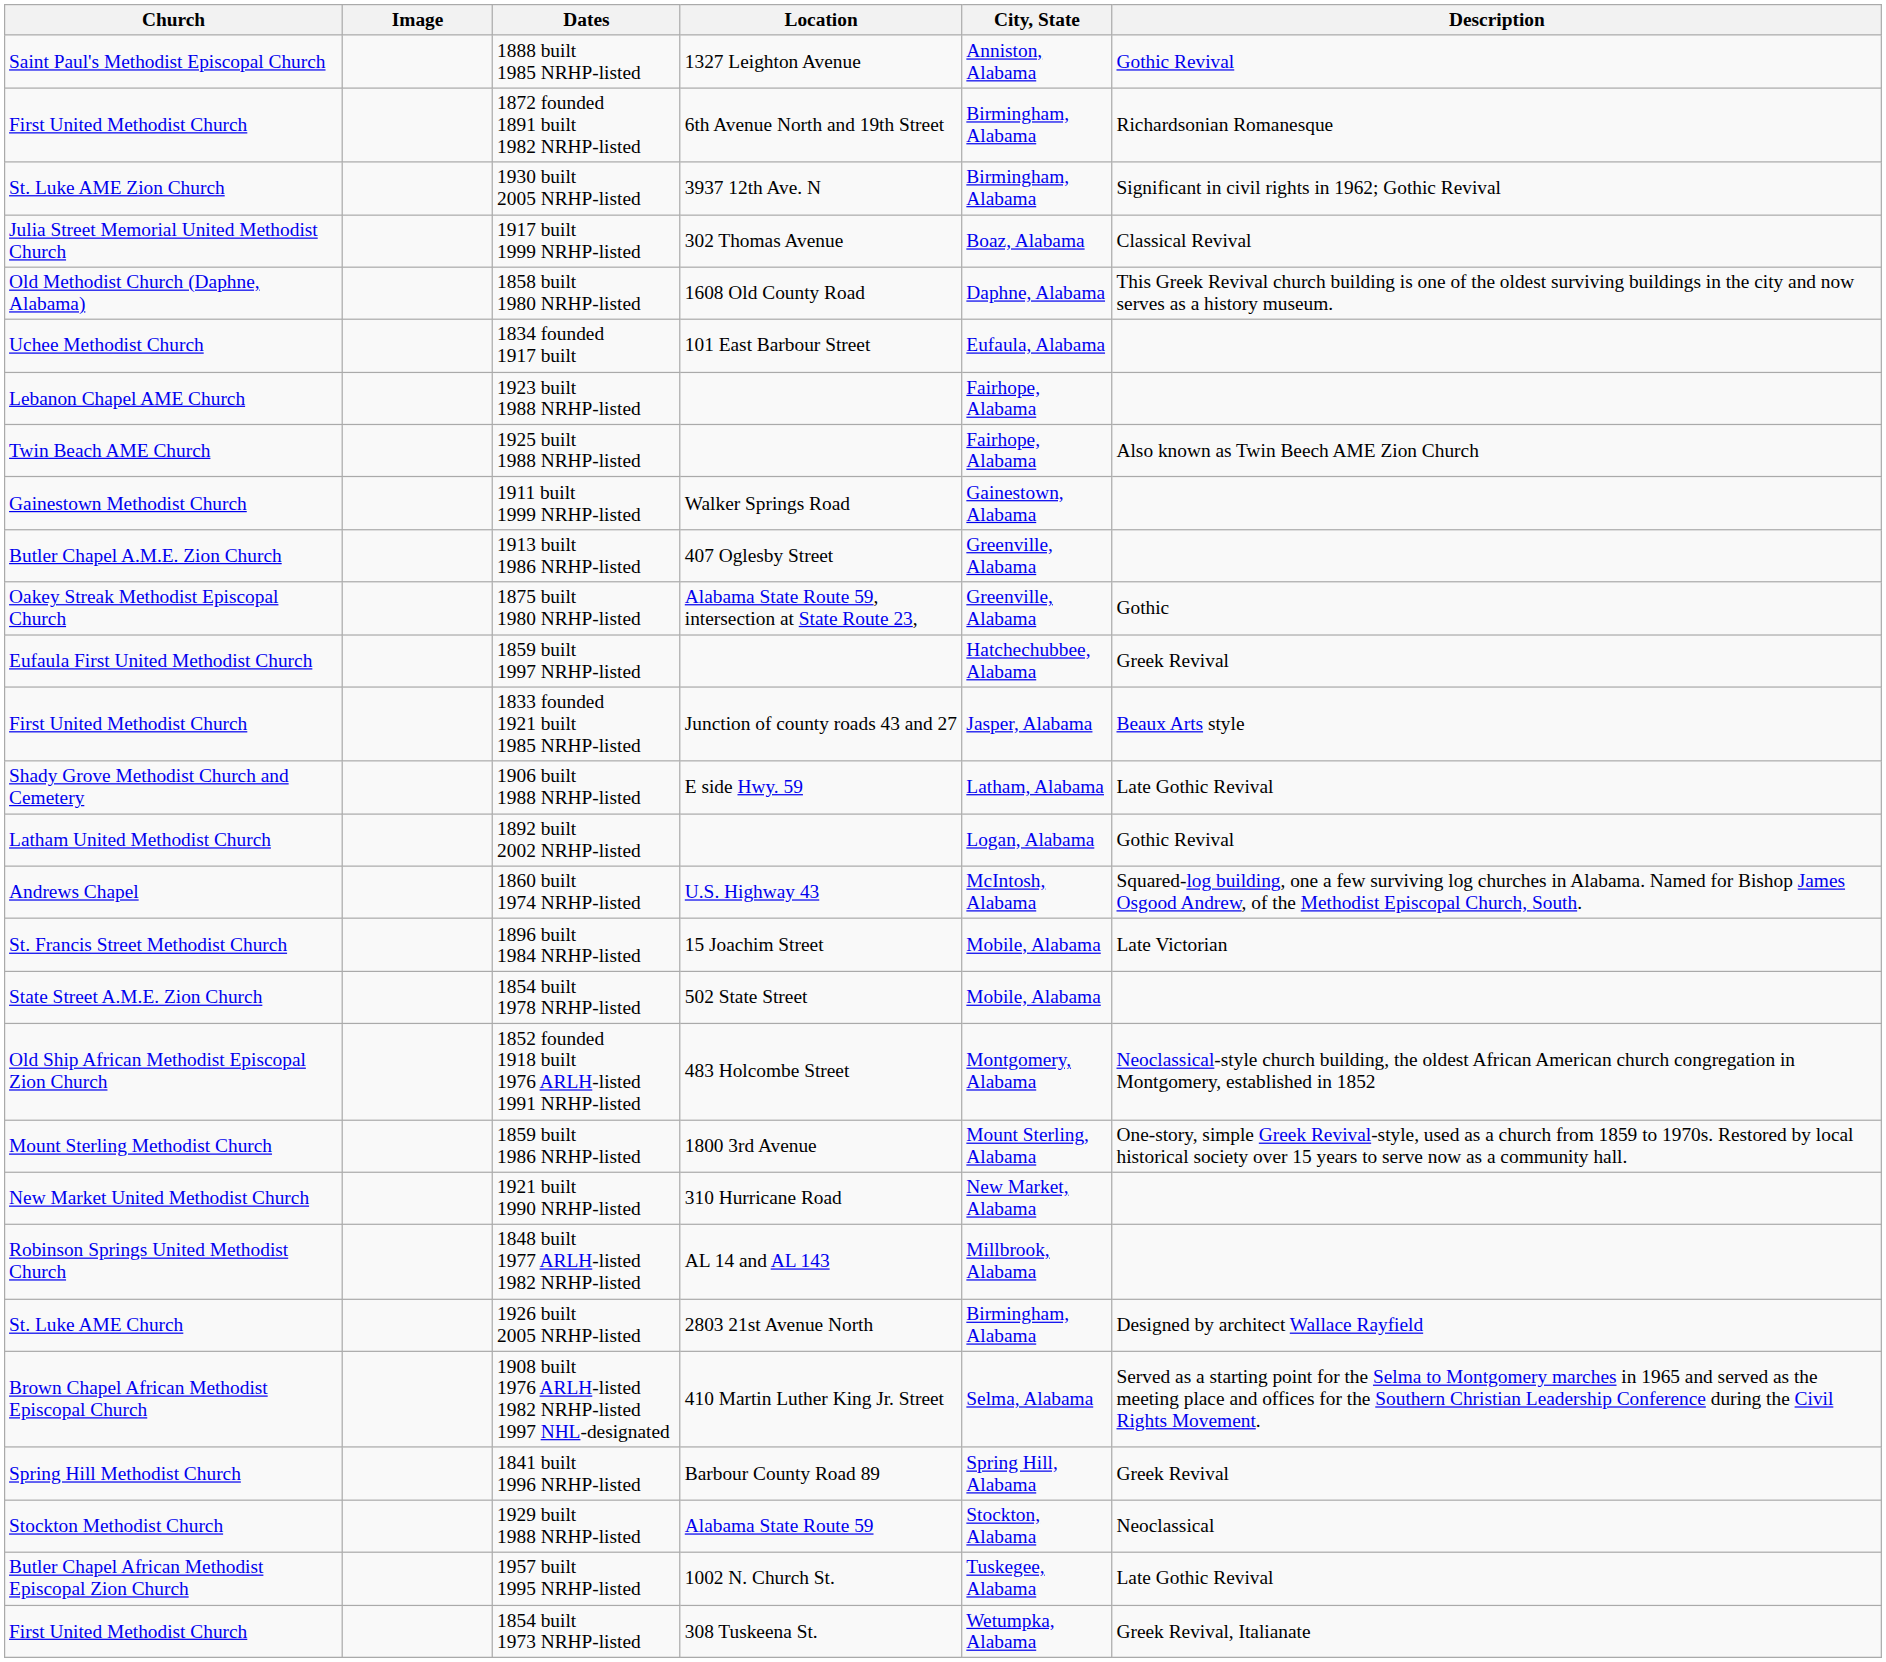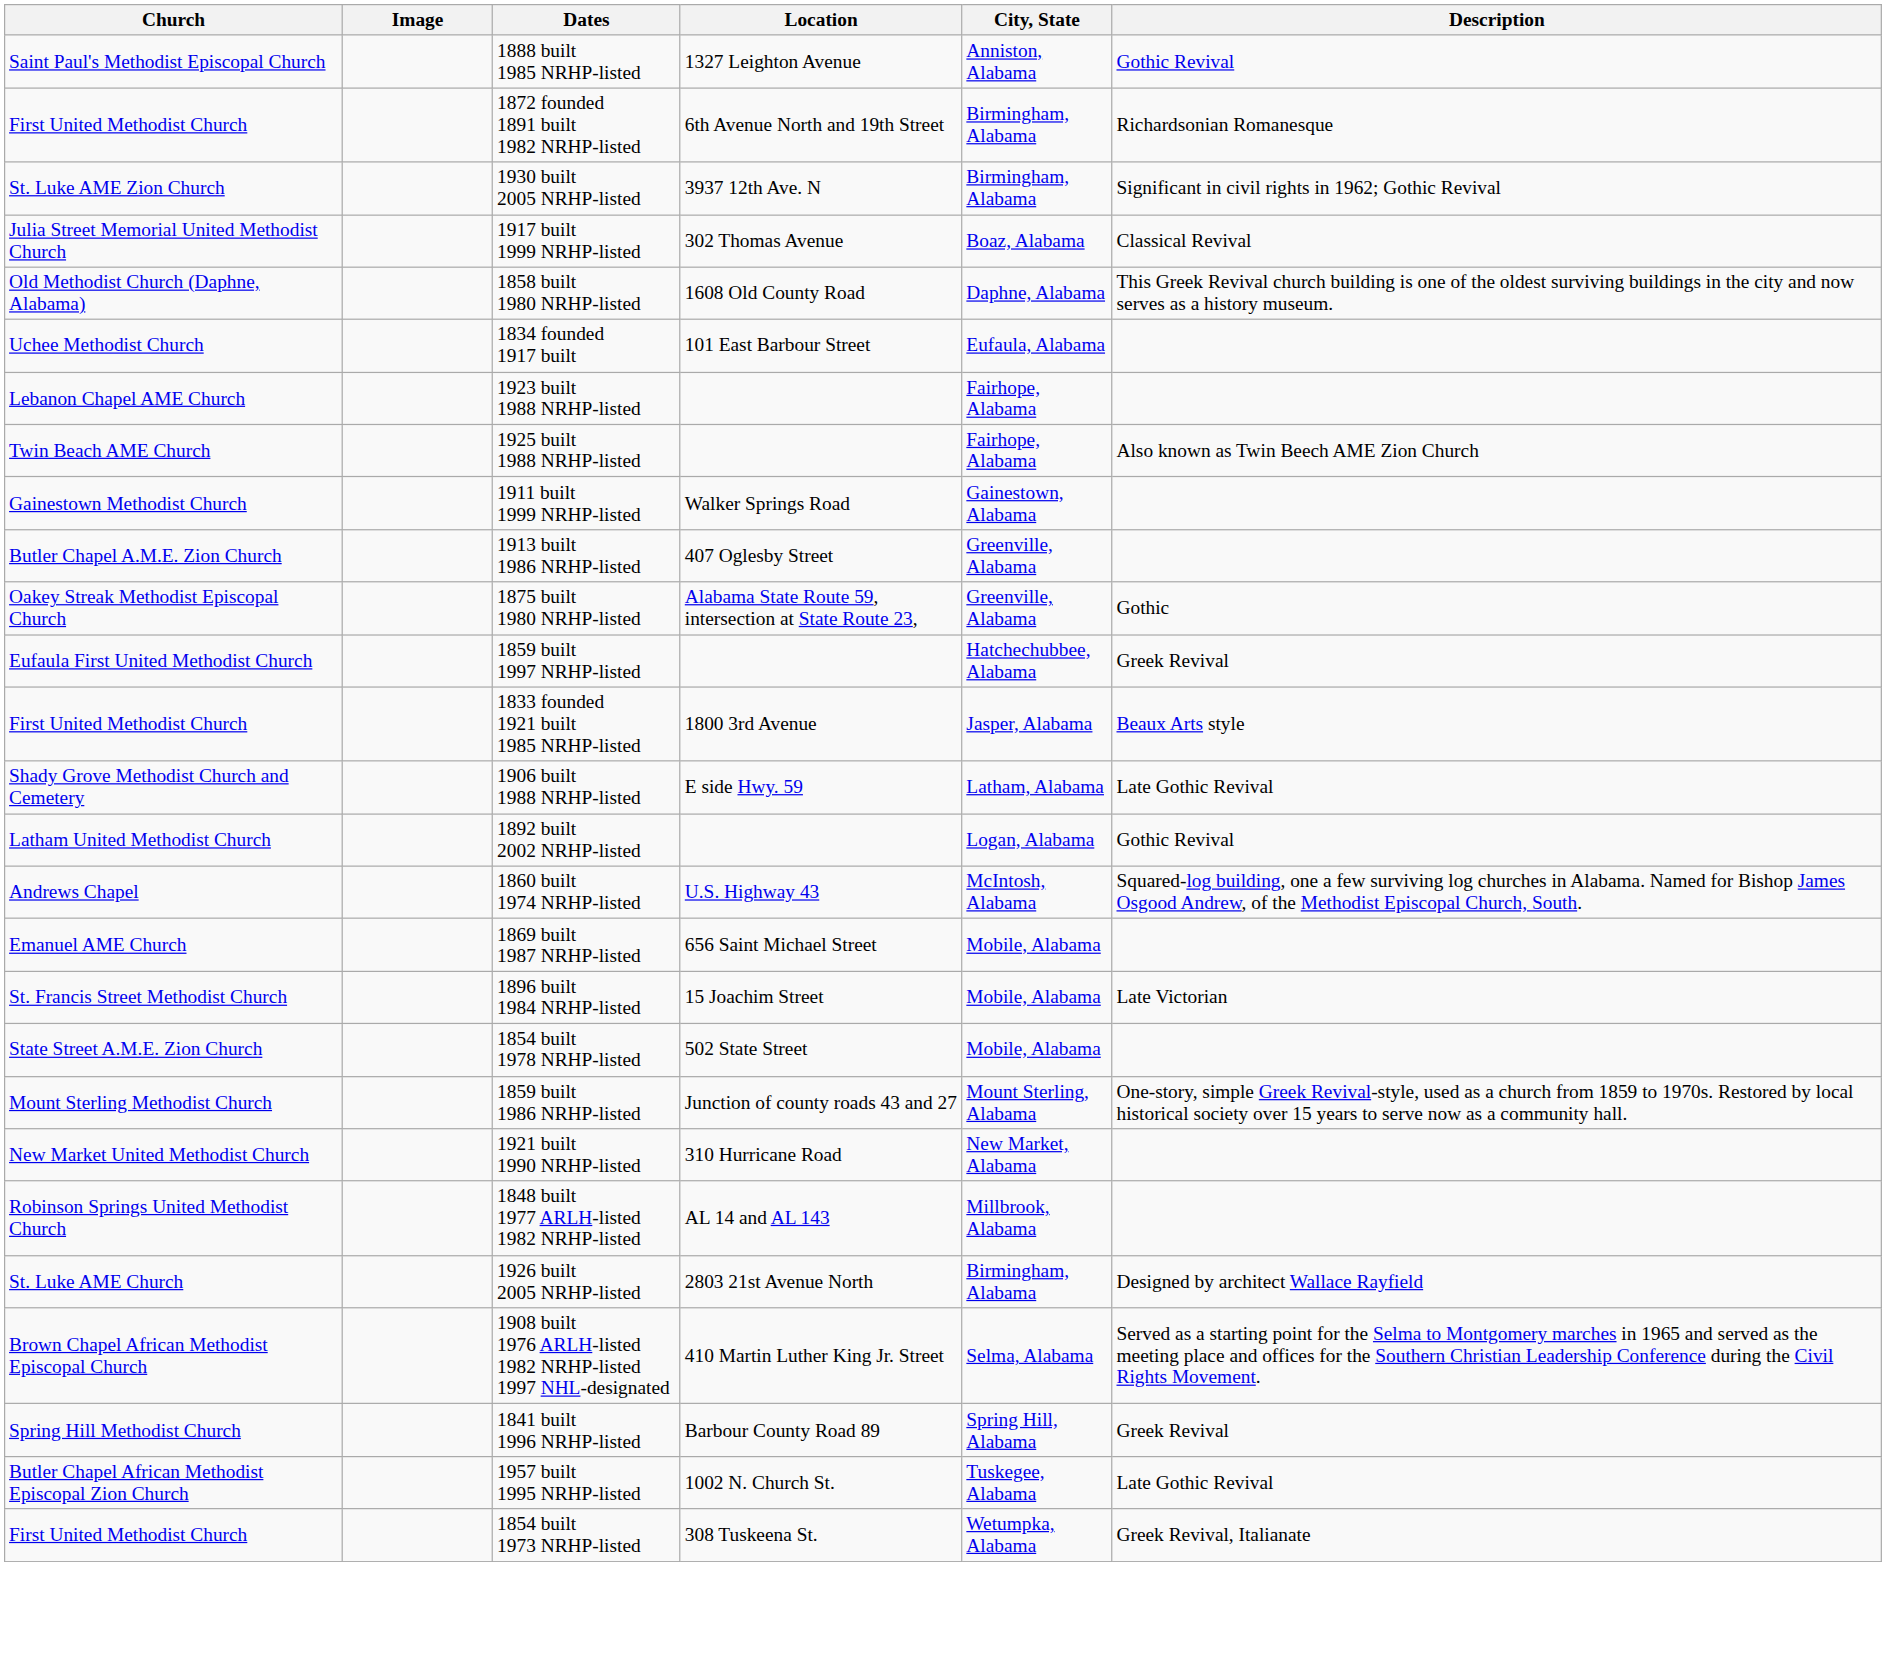 <table class="wikitable sortable" style="width:98%">
 <tr>
 <th style="width:18%;"><strong>Church</strong></th>
 <th style="width:8%;" class="unsortable"><strong>Image</strong></th>
 <th style="width:10%;"><strong>Dates</strong></th>
 <th style="width:15%;"><strong>Location</strong></th>
 <th style="width:8%;"><strong>City, State</strong></th>
 <th class="unsortable"><strong>Description</strong></th>
 </tr>
 <tr>
 <td><a href='#'>Saint Paul's Methodist Episcopal Church</a></td>
 <td></td>
 <td>1888 built<br>1985 NRHP-listed</td>
 <td>1327 Leighton Avenue<br><small></small></td>
 <td><a href='#'>Anniston, Alabama</a></td>
 <td><a href='#'>Gothic Revival</a></td>
 </tr>
 <tr>
 <td><a href='#'>First United Methodist Church</a></td>
 <td></td>
 <td>1872 founded<br>1891 built<br>1982 NRHP-listed</td>
 <td>6th Avenue North and 19th Street<br><small></small></td>
 <td><a href='#'>Birmingham, Alabama</a></td>
 <td>Richardsonian Romanesque</td>
 </tr>
 <tr>
 <td><a href='#'>St. Luke AME Zion Church</a></td>
 <td></td>
 <td>1930 built<br>2005 NRHP-listed</td>
 <td>3937 12th Ave. N<br><small></small></td>
 <td><a href='#'>Birmingham, Alabama</a></td>
 <td>Significant in civil rights in 1962; Gothic Revival</td>
 </tr>
 <tr ->
 <td><a href='#'>Julia Street Memorial United Methodist Church</a></td>
 <td></td>
 <td>1917 built<br>1999 NRHP-listed</td>
 <td>302 Thomas Avenue<br><small></small></td>
 <td><a href='#'>Boaz, Alabama</a></td>
 <td>Classical Revival</td>
 </tr>
 <tr>
 <td><a href='#'>Old Methodist Church (Daphne, Alabama)</a></td>
 <td></td>
 <td>1858 built<br>1980 NRHP-listed</td>
 <td>1608 Old County Road<br><small></small></td>
 <td><a href='#'>Daphne, Alabama</a></td>
 <td>This Greek Revival church building is one of the oldest surviving buildings in the city and now serves as a history museum.</td>
 </tr>
 <tr>
 <td><a href='#'>Uchee Methodist Church</a></td>
 <td></td>
 <td>1834 founded<br>1917 built</td>
 <td>101 East Barbour Street<br><small></small></td>
 <td><a href='#'>Eufaula, Alabama</a></td>
 <td></td>
 </tr>
 <tr>
 <td><a href='#'>Lebanon Chapel AME Church</a></td>
 <td></td>
 <td>1923 built<br>1988 NRHP-listed</td>
 <td></td>
 <td><a href='#'>Fairhope, Alabama</a></td>
 <td></td>
 </tr>
 <tr ->
 <td><a href='#'>Twin Beach AME Church</a></td>
 <td></td>
 <td>1925 built<br>1988 NRHP-listed</td>
 <td></td>
 <td><a href='#'>Fairhope, Alabama</a></td>
 <td>Also known as Twin Beech AME Zion Church</td>
 </tr>
 <tr ->
 <td><a href='#'>Gainestown Methodist Church</a></td>
 <td></td>
 <td>1911 built<br>1999 NRHP-listed</td>
 <td>Walker Springs Road<br><small></small></td>
 <td><a href='#'>Gainestown, Alabama</a></td>
 <td></td>
 </tr>
 <tr>
 <td><a href='#'>Butler Chapel A.M.E. Zion Church</a></td>
 <td></td>
 <td>1913 built<br>1986 NRHP-listed</td>
 <td>407 Oglesby Street<br><small></small></td>
 <td><a href='#'>Greenville, Alabama</a></td>
 <td></td>
 </tr>
 <tr>
 <td><a href='#'>Oakey Streak Methodist Episcopal Church</a></td>
 <td></td>
 <td>1875 built<br>1980 NRHP-listed</td>
 <td><a href='#'>Alabama State Route 59</a>, intersection at <a href='#'>State Route 23</a>,<br><small></small></td>
 <td><a href='#'>Greenville, Alabama</a></td>
 <td>Gothic</td>
 </tr>
 <tr>
 <td><a href='#'>Eufaula First United Methodist Church</a></td>
 <td></td>
 <td>1859 built<br>1997 NRHP-listed</td>
 <td><small></small></td>
 <td><a href='#'>Hatchechubbee, Alabama</a></td>
 <td>Greek Revival</td>
 </tr>
 <tr>
 <td><a href='#'>First United Methodist Church</a></td>
 <td></td>
 <td>1833 founded<br>1921 built<br>1985 NRHP-listed</td>
-<td>Junction of county roads 43 and 27<br><small></small></td>
+<td>1800 3rd Avenue<br><small></small></td>
 <td><a href='#'>Jasper, Alabama</a></td>
 <td><a href='#'>Beaux Arts</a> style</td>
 </tr>
 <tr>
 <td><a href='#'>Shady Grove Methodist Church and Cemetery</a></td>
 <td></td>
 <td>1906 built<br>1988 NRHP-listed</td>
 <td>E side <a href='#'>Hwy. 59</a><br><small></small></td>
 <td><a href='#'>Latham, Alabama</a></td>
 <td>Late Gothic Revival</td>
 </tr>
 <tr>
 <td><a href='#'>Latham United Methodist Church</a></td>
 <td></td>
 <td>1892 built<br>2002 NRHP-listed</td>
 <td><small></small></td>
 <td><a href='#'>Logan, Alabama</a></td>
 <td>Gothic Revival</td>
 </tr>
 <tr>
 <td><a href='#'>Andrews Chapel</a></td>
 <td></td>
 <td>1860 built<br>1974 NRHP-listed</td>
 <td><a href='#'>U.S. Highway 43</a><br><small></small></td>
 <td><a href='#'>McIntosh, Alabama</a></td>
 <td>Squared-<a href='#'>log building</a>, one a few surviving log churches in Alabama.  Named for Bishop <a href='#'>James Osgood Andrew</a>, of the <a href='#'>Methodist Episcopal Church, South</a>.</td>
 </tr>
+<tr>
+<td><a href='#'>Emanuel AME Church</a></td>
+<td></td>
+<td>1869 built<br>1987 NRHP-listed</td>
+<td>656 Saint Michael Street</td>
+<td><a href='#'>Mobile, Alabama</a></td>
+<td></td>
+</tr>
 <tr ->
 <td><a href='#'>St. Francis Street Methodist Church</a></td>
 <td></td>
 <td>1896 built<br>1984 NRHP-listed</td>
 <td>15 Joachim Street<br><small></small></td>
 <td><a href='#'>Mobile, Alabama</a></td>
 <td>Late Victorian</td>
 </tr>
 <tr>
 <td><a href='#'>State Street A.M.E. Zion Church</a></td>
 <td></td>
 <td>1854 built<br>1978 NRHP-listed</td>
 <td>502 State Street</td>
 <td><a href='#'>Mobile, Alabama</a></td>
 <td></td>
 </tr>
-<tr ->
-<td><a href='#'>Old Ship African Methodist Episcopal Zion Church</a></td>
-<td></td>
-<td>1852 founded<br>1918 built<br>1976 <a href='#'>ARLH</a>-listed 1991 NRHP-listed</td>
-<td>483 Holcombe Street<br><small></small></td>
-<td><a href='#'>Montgomery, Alabama</a></td>
-<td><a href='#'>Neoclassical</a>-style church building, the oldest African American church congregation in Montgomery, established in 1852</td>
-</tr>
 <tr>
 <td><a href='#'>Mount Sterling Methodist Church</a></td>
 <td></td>
 <td>1859 built<br>1986 NRHP-listed</td>
-<td>1800 3rd Avenue<br><small></small></td>
+<td>Junction of county roads 43 and 27<br><small></small></td>
 <td><a href='#'>Mount Sterling, Alabama</a></td>
 <td>One-story, simple <a href='#'>Greek Revival</a>-style, used as a church from 1859 to 1970s.  Restored by local historical society over 15 years to serve now as a community hall.</td>
 </tr>
 <tr>
 <td><a href='#'>New Market United Methodist Church</a></td>
 <td></td>
 <td>1921 built<br>1990 NRHP-listed</td>
 <td>310 Hurricane Road</td>
 <td><a href='#'>New Market, Alabama</a></td>
 <td></td>
 </tr>
 <tr>
 <td><a href='#'>Robinson Springs United Methodist Church</a></td>
 <td></td>
 <td>1848 built<br>1977 <a href='#'>ARLH</a>-listed<br>1982 NRHP-listed</td>
 <td>AL 14 and <a href='#'>AL 143</a></td>
 <td><a href='#'>Millbrook, Alabama</a></td>
 <td></td>
 </tr>
 <tr>
 <td><a href='#'>St. Luke AME Church</a></td>
 <td></td>
 <td>1926 built<br>2005 NRHP-listed</td>
 <td>2803 21st Avenue North</td>
 <td><a href='#'>Birmingham, Alabama</a></td>
 <td>Designed by architect <a href='#'>Wallace Rayfield</a></td>
 </tr>
 <tr ->
 <td><a href='#'>Brown Chapel African Methodist Episcopal Church</a></td>
 <td></td>
 <td>1908 built<br>1976 <a href='#'>ARLH</a>-listed<br>1982 NRHP-listed<br>1997 <a href='#'>NHL</a>-designated</td>
 <td>410 Martin Luther King Jr. Street<br><small></small></td>
 <td><a href='#'>Selma, Alabama</a></td>
 <td>Served as a starting point for the <a href='#'>Selma to Montgomery marches</a> in 1965 and served as the meeting place and offices for the <a href='#'>Southern Christian Leadership Conference</a> during the <a href='#'>Civil Rights Movement</a>.</td>
 </tr>
 <tr>
 <td><a href='#'>Spring Hill Methodist Church</a></td>
 <td></td>
 <td>1841 built<br>1996 NRHP-listed</td>
 <td>Barbour County Road 89<br><small></small></td>
 <td><a href='#'>Spring Hill, Alabama</a></td>
 <td>Greek Revival</td>
 </tr>
 <tr>
-<td><a href='#'>Stockton Methodist Church</a></td>
-<td></td>
-<td>1929 built<br>1988 NRHP-listed</td>
-<td><a href='#'>Alabama State Route 59</a><br><small></small></td>
-<td><a href='#'>Stockton, Alabama</a></td>
-<td>Neoclassical</td>
-</tr>
-<tr>
 <td><a href='#'>Butler Chapel African Methodist Episcopal Zion Church</a></td>
 <td></td>
 <td>1957 built<br>1995 NRHP-listed</td>
 <td>1002 N. Church St.<br><small></small></td>
 <td><a href='#'>Tuskegee, Alabama</a></td>
 <td>Late Gothic Revival</td>
 </tr>
 <tr>
 <td><a href='#'>First United Methodist Church</a></td>
 <td></td>
 <td>1854 built<br>1973  NRHP-listed</td>
 <td>308 Tuskeena St.<br><small></small></td>
 <td><a href='#'>Wetumpka, Alabama</a></td>
 <td>Greek Revival, Italianate</td>
 </tr>
 <tr ->
 </tr>
 </table>
